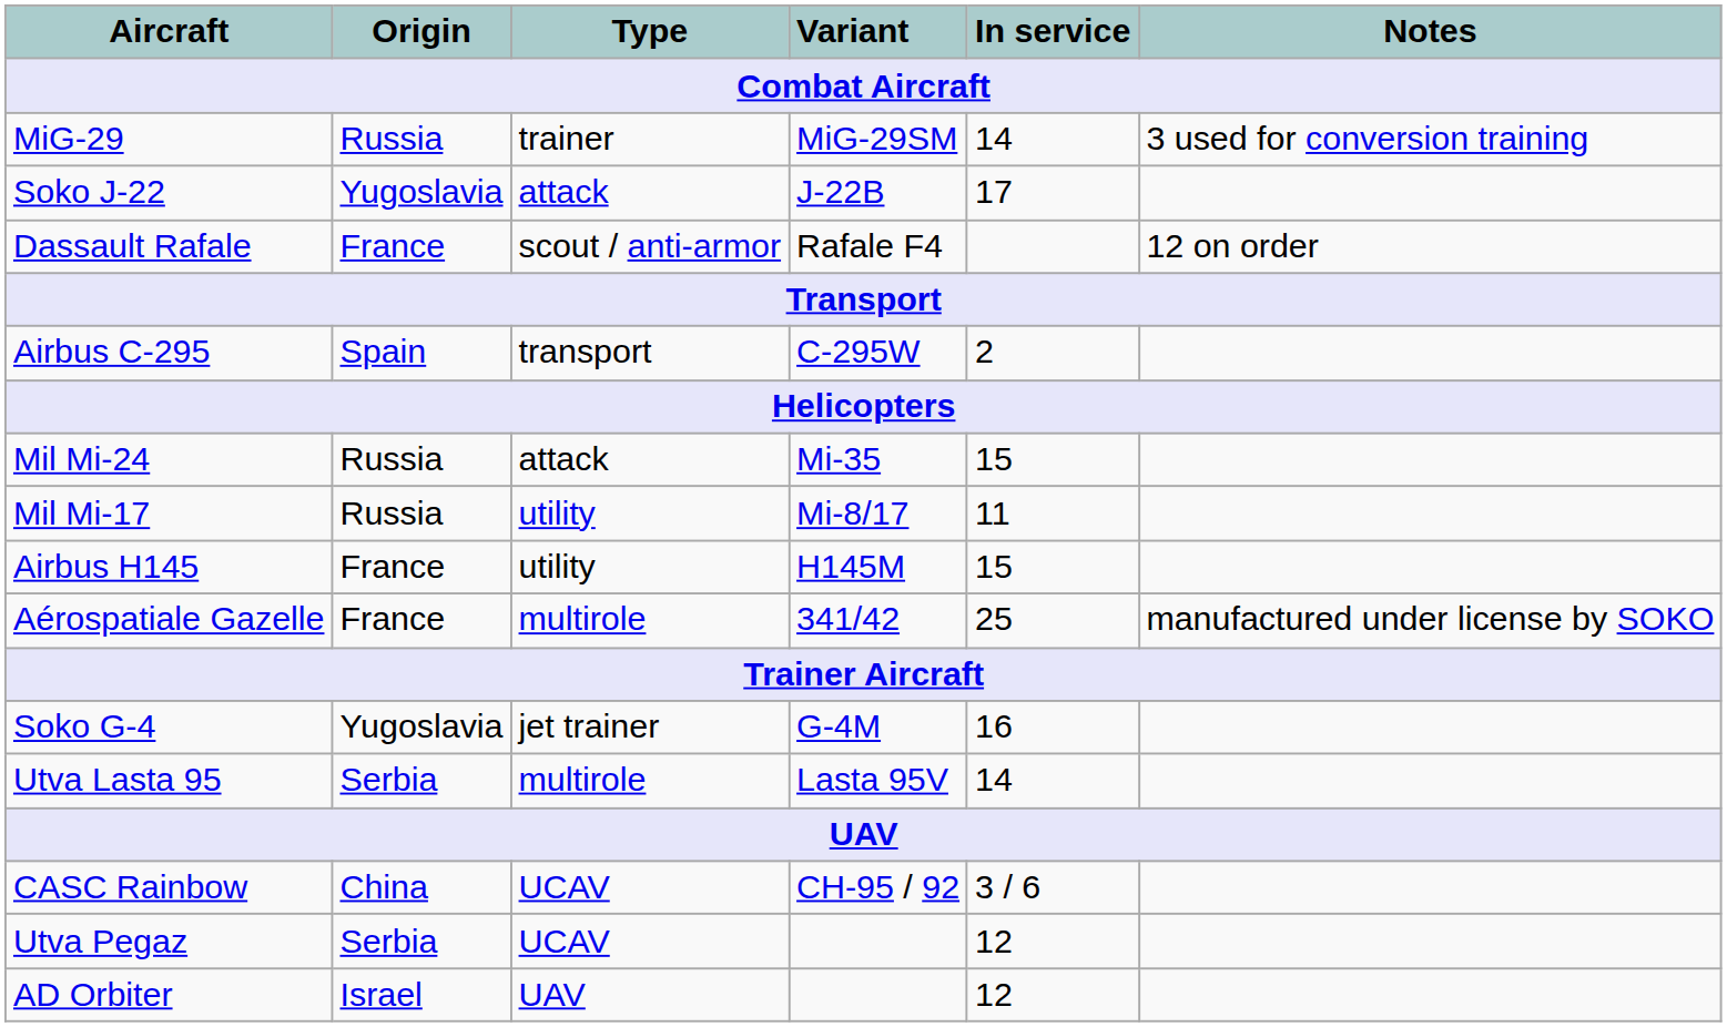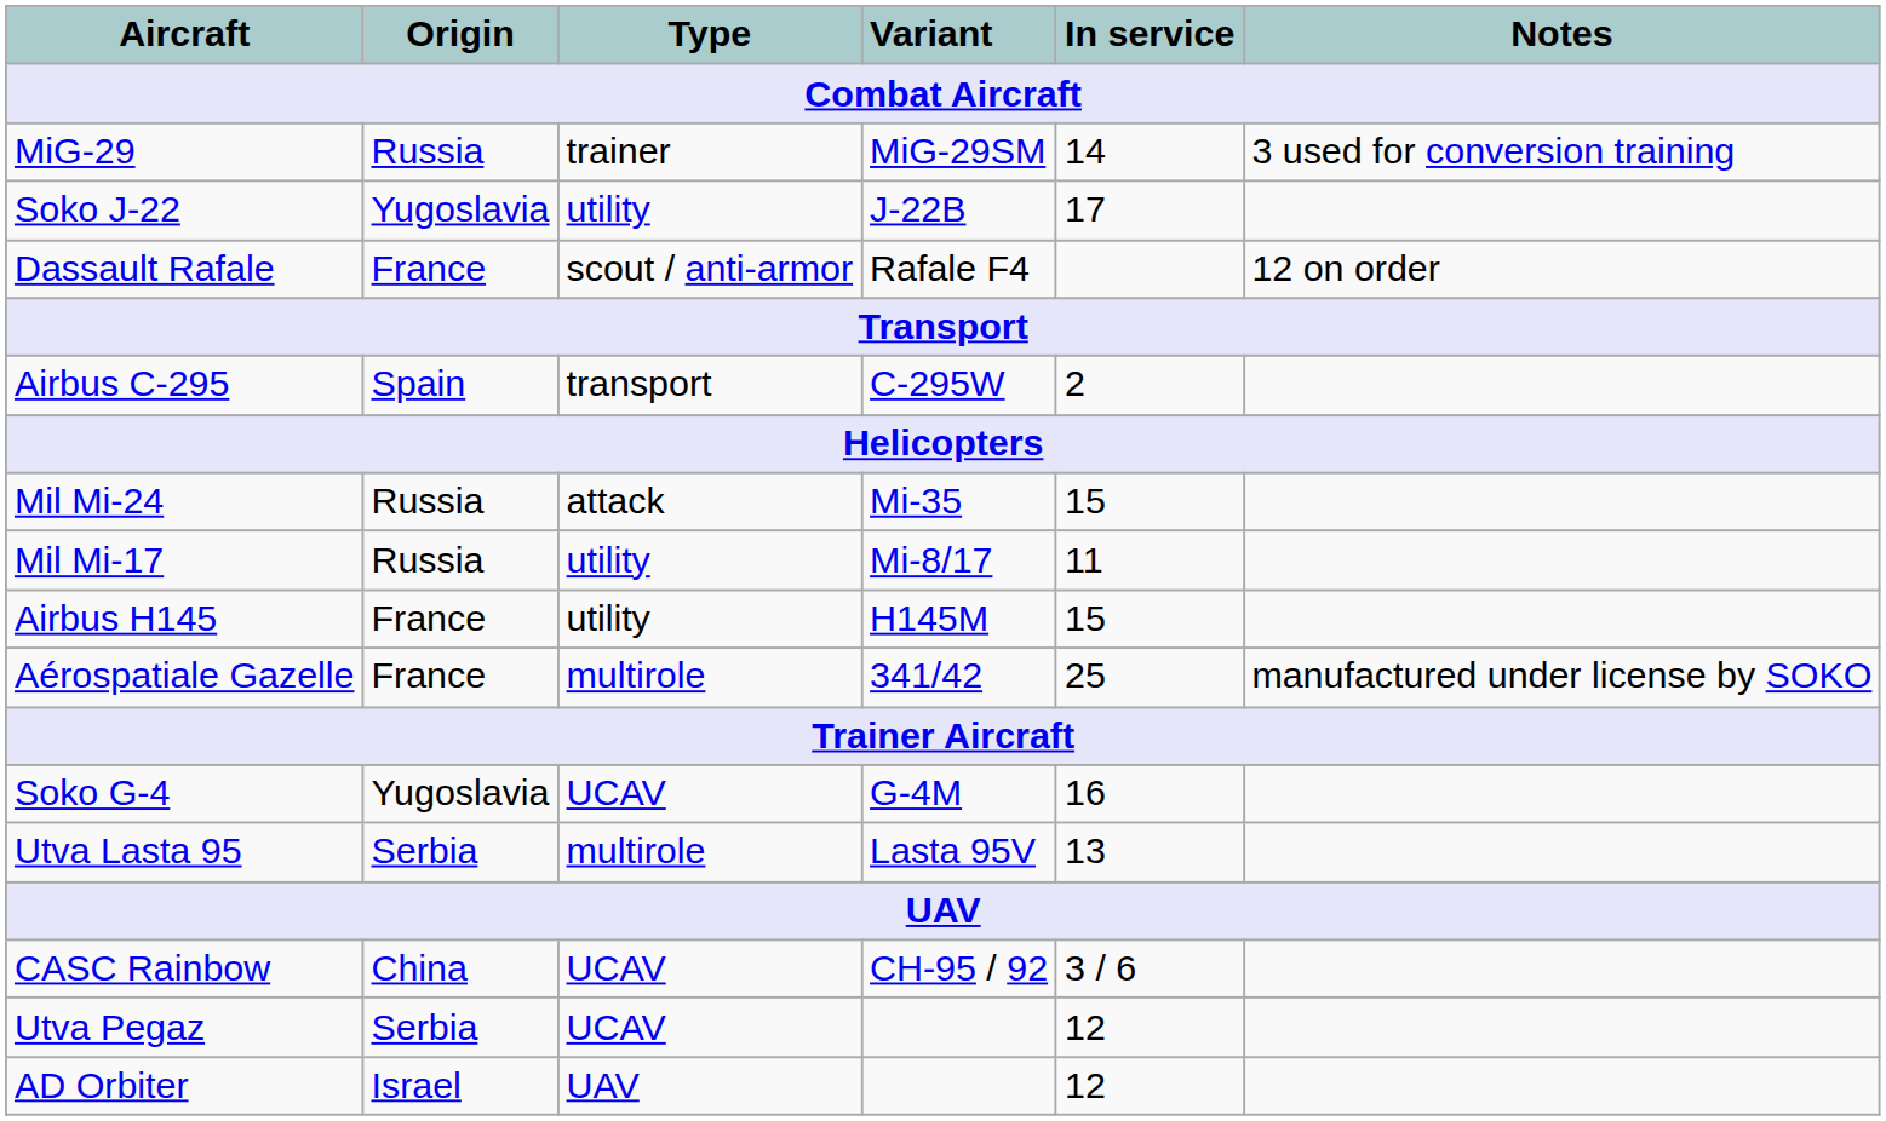 <table class="wikitable">
 <tr>
 <th style="text-align:center; background:#acc;">Aircraft</th>
 <th style="text-align: center; background:#acc;">Origin</th>
 <th style="text-align:l center; background:#acc;">Type</th>
 <th style="text-align:left; background:#acc;">Variant</th>
 <th style="text-align:center; background:#acc;">In service</th>
 <th style="text-align: center; background:#acc;">Notes</th>
 </tr>
 <tr>
 <th style="align: center; background: lavender;" colspan="6"><a href='#'>Combat Aircraft</a></th>
 </tr>
 <tr>
 <td><a href='#'>MiG-29</a></td>
 <td><a href='#'>Russia</a></td>
 <td>trainer</td>
 <td><a href='#'>MiG-29SM</a></td>
 <td>14</td>
 <td>3 used for <a href='#'>conversion training</a></td>
 </tr>
 <tr>
 <td><a href='#'>Soko J-22</a></td>
 <td><a href='#'>Yugoslavia</a></td>
-<td><a href='#'>attack</a></td>
+<td><a href='#'>utility</a></td>
 <td><a href='#'>J-22B</a></td>
 <td>17</td>
 <td></td>
 </tr>
 <tr>
 <td><a href='#'>Dassault Rafale</a></td>
 <td><a href='#'>France</a></td>
 <td>scout / <a href='#'>anti-armor</a></td>
 <td>Rafale F4</td>
 <td></td>
 <td>12 on order</td>
 </tr>
 <tr>
 <th style="align: center; background: lavender;" colspan="6"><a href='#'>Transport</a></th>
 </tr>
 <tr>
 <td><a href='#'>Airbus C-295</a></td>
 <td><a href='#'>Spain</a></td>
 <td>transport</td>
 <td><a href='#'>C-295W</a></td>
 <td>2</td>
 <td></td>
 </tr>
 <tr>
 <th style="align: center; background: lavender;" colspan="6"><a href='#'>Helicopters</a></th>
 </tr>
 <tr>
 <td><a href='#'>Mil Mi-24</a></td>
 <td>Russia</td>
 <td>attack</td>
 <td><a href='#'>Mi-35</a></td>
 <td>15</td>
 <td></td>
 </tr>
 <tr>
 <td><a href='#'>Mil Mi-17</a></td>
 <td>Russia</td>
 <td><a href='#'>utility</a></td>
 <td><a href='#'>Mi-8/17</a></td>
 <td>11</td>
 <td></td>
 </tr>
 <tr>
 <td><a href='#'>Airbus H145</a></td>
 <td>France</td>
 <td>utility</td>
 <td><a href='#'>H145M</a></td>
 <td>15</td>
 <td></td>
 </tr>
 <tr>
 <td><a href='#'>Aérospatiale Gazelle</a></td>
 <td>France</td>
 <td><a href='#'>multirole</a></td>
 <td><a href='#'>341/42</a></td>
 <td>25</td>
 <td>manufactured under license by <a href='#'>SOKO</a></td>
 </tr>
 <tr>
 <th style="align: center; background: lavender;" colspan="6"><a href='#'>Trainer Aircraft</a></th>
 </tr>
 <tr>
 <td><a href='#'>Soko G-4</a></td>
 <td>Yugoslavia</td>
-<td>jet trainer</td>
+<td><a href='#'>UCAV</a></td>
 <td><a href='#'>G-4M</a></td>
 <td>16</td>
 <td></td>
 </tr>
 <tr>
 <td><a href='#'>Utva Lasta 95</a></td>
 <td><a href='#'>Serbia</a></td>
 <td><a href='#'>multirole</a></td>
 <td><a href='#'>Lasta 95V</a></td>
-<td>14</td>
+<td>13</td>
 <td></td>
 </tr>
 <tr>
 <th style="align: center; background: lavender;" colspan="6"><a href='#'>UAV</a></th>
 </tr>
 <tr>
 <td><a href='#'>CASC Rainbow</a></td>
 <td><a href='#'>China</a></td>
 <td><a href='#'>UCAV</a></td>
 <td><a href='#'>CH-95</a> / <a href='#'>92</a></td>
 <td>3 / 6</td>
 <td></td>
 </tr>
 <tr>
 <td><a href='#'>Utva Pegaz</a></td>
 <td><a href='#'>Serbia</a></td>
 <td><a href='#'>UCAV</a></td>
 <td></td>
 <td>12</td>
 <td></td>
 </tr>
 <tr>
 <td><a href='#'>AD Orbiter</a></td>
 <td><a href='#'>Israel</a></td>
 <td><a href='#'>UAV</a></td>
 <td></td>
 <td>12</td>
 <td></td>
 </tr>
 </table>
